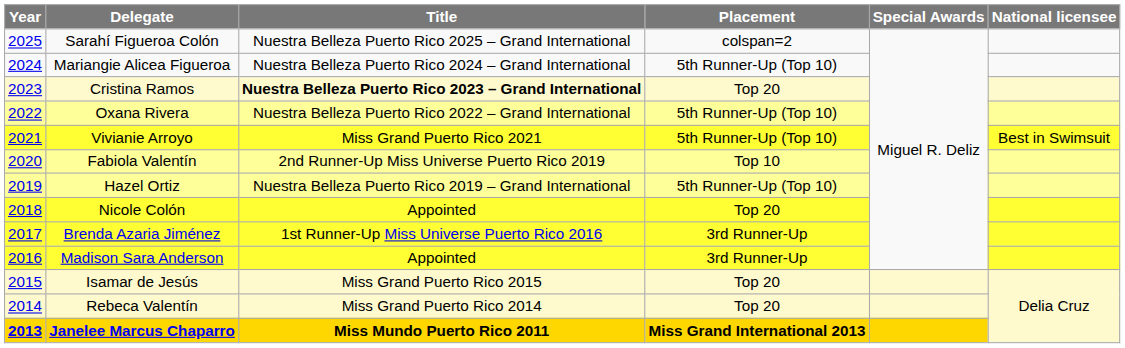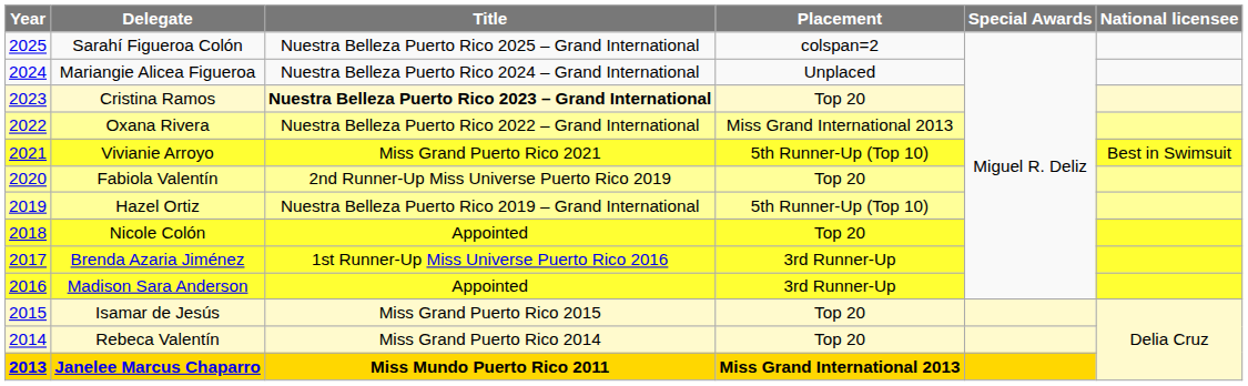 <table class="wikitable" style="font-size: 90%; text-align:center">
 <tr>
 <th style="background-color:#787878;color:#FFFFFF;">Year</th>
 <th style="background-color:#787878;color:#FFFFFF;">Delegate</th>
 <th style="background-color:#787878;color:#FFFFFF;">Title</th>
 <th style="background-color:#787878;color:#FFFFFF;">Placement</th>
 <th style="background-color:#787878;color:#FFFFFF;">Special Awards</th>
 <th style="background-color:#787878;color:#FFFFFF;">National licensee</th>
 </tr>
 <tr>
 <td><a href='#'>2025</a></td>
 <td>Sarahí Figueroa Colón</td>
 <td>Nuestra Belleza Puerto Rico 2025 – Grand International</td>
 <td>colspan=2 </td>
 <td rowspan=10>Miguel R. Deliz</td>
 </tr>
 <tr>
 <td><a href='#'>2024</a></td>
 <td>Mariangie Alicea Figueroa</td>
 <td>Nuestra Belleza Puerto Rico 2024 – Grand International</td>
-<td>5th Runner-Up (Top 10)</td>
+<td>Unplaced</td>
 <td></td>
 </tr>
 <tr bgcolor=#FFFACD>
 <td><a href='#'>2023</a></td>
 <td>Cristina Ramos</td>
 <td><strong>Nuestra Belleza Puerto Rico 2023 – Grand International</strong></td>
 <td>Top 20</td>
 <td></td>
 </tr>
 <tr bgcolor=#FFFF99>
 <td><a href='#'>2022</a></td>
 <td>Oxana Rivera</td>
 <td>Nuestra Belleza Puerto Rico 2022 – Grand International</td>
-<td>5th Runner-Up (Top 10)</td>
+<td>Miss Grand International 2013</td>
 <td></td>
 </tr>
 <tr bgcolor=#FFFF33>
 <td><a href='#'>2021</a></td>
 <td>Vivianie Arroyo</td>
 <td>Miss Grand Puerto Rico 2021</td>
 <td>5th Runner-Up (Top 10)</td>
 <td>Best in Swimsuit</td>
 </tr>
 <tr bgcolor=#FFFF99>
 <td><a href='#'>2020</a></td>
 <td>Fabiola Valentín</td>
 <td>2nd Runner-Up Miss Universe Puerto Rico 2019</td>
-<td>Top 10</td>
+<td>Top 20</td>
 <td></td>
 </tr>
 <tr bgcolor=#FFFF99>
 <td><a href='#'>2019</a></td>
 <td>Hazel Ortiz</td>
 <td>Nuestra Belleza Puerto Rico 2019 – Grand International</td>
 <td>5th Runner-Up (Top 10)</td>
 <td></td>
 </tr>
 <tr bgcolor=#FFFF33>
 <td><a href='#'>2018</a></td>
 <td>Nicole Colón</td>
 <td>Appointed</td>
 <td>Top 20</td>
 <td></td>
 </tr>
 <tr bgcolor=#FFFF33>
 <td><a href='#'>2017</a></td>
 <td><a href='#'>Brenda Azaria Jiménez</a></td>
 <td>1st Runner-Up <a href='#'>Miss Universe Puerto Rico 2016</a></td>
 <td>3rd Runner-Up</td>
 <td></td>
 </tr>
 <tr bgcolor=#FFFF33>
 <td><a href='#'>2016</a></td>
 <td><a href='#'>Madison Sara Anderson</a></td>
 <td>Appointed</td>
 <td>3rd Runner-Up</td>
 <td></td>
 </tr>
 <tr bgcolor=#FFFACD>
 <td><a href='#'>2015</a></td>
 <td>Isamar de Jesús</td>
 <td>Miss Grand Puerto Rico 2015</td>
 <td>Top 20</td>
 <td></td>
 <td rowspan=3>Delia Cruz</td>
 </tr>
 <tr bgcolor=#FFFACD>
 <td><a href='#'>2014</a></td>
 <td>Rebeca Valentín</td>
 <td>Miss Grand Puerto Rico 2014</td>
 <td>Top 20</td>
 <td></td>
 </tr>
 <tr style="background-color:gold; font-weight: bold">
 <td><a href='#'>2013</a></td>
 <td><a href='#'>Janelee Marcus Chaparro</a></td>
 <td>Miss Mundo Puerto Rico 2011</td>
 <td>Miss Grand International 2013</td>
 <td></td>
 </tr>
 </table>
